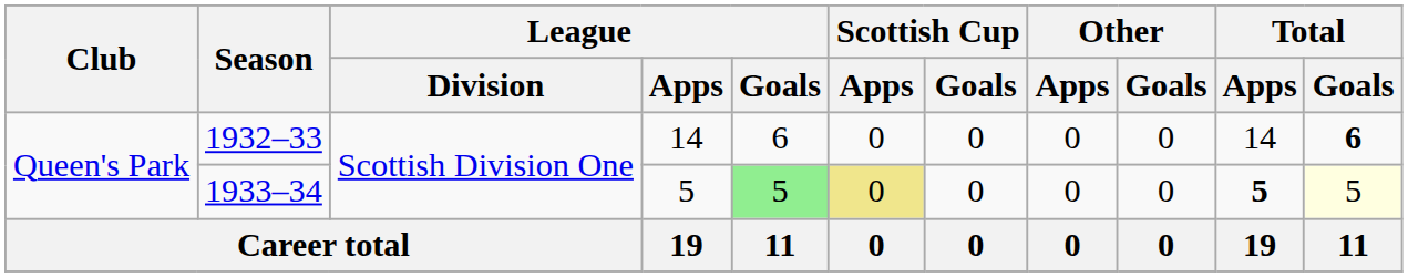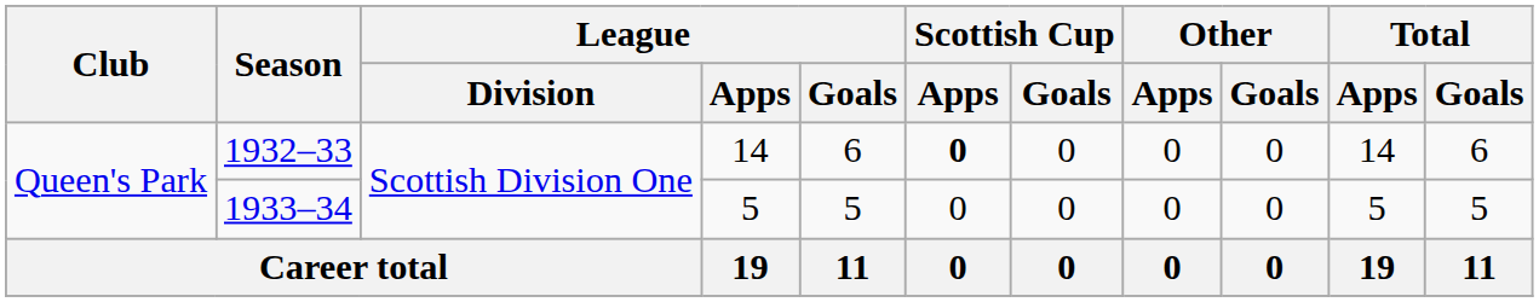 <table class="wikitable" style="text-align: center">
 <tr>
 <th rowspan="2">Club</th>
 <th rowspan="2">Season</th>
 <th colspan="3">League</th>
 <th colspan="2">Scottish Cup</th>
 <th colspan="2">Other</th>
 <th colspan="2">Total</th>
 </tr>
 <tr>
 <th>Division</th>
 <th>Apps</th>
 <th>Goals</th>
 <th>Apps</th>
 <th>Goals</th>
 <th>Apps</th>
 <th>Goals</th>
 <th>Apps</th>
 <th>Goals</th>
 </tr>
 <tr>
 <td rowspan="2"><a href='#'>Queen's Park</a></td>
 <td><a href='#'>1932–33</a></td>
 <td rowspan="2"><a href='#'>Scottish Division One</a></td>
 <td>14</td>
 <td>6</td>
+<td><strong>0</strong></td>
+<td>0</td>
+<td>0</td>
+<td>0</td>
+<td>14</td>
+<td>6</td>
+</tr>
+<tr>
+<td><a href='#'>1933–34</a></td>
+<td>5</td>
+<td>5</td>
 <td>0</td>
 <td>0</td>
 <td>0</td>
 <td>0</td>
-<td>14</td>
-<td><strong>6</strong></td>
-</tr>
-<tr>
-<td><a href='#'>1933–34</a></td>
 <td>5</td>
-<td style="background: lightgreen;">5</td>
-<td style="background: khaki;">0</td>
-<td>0</td>
-<td>0</td>
-<td>0</td>
-<td><strong>5</strong></td>
-<td style="background: lightyellow;">5</td>
+<td>5</td>
 </tr>
 <tr>
 <th colspan="3">Career total</th>
 <th>19</th>
 <th>11</th>
 <th>0</th>
 <th>0</th>
 <th>0</th>
 <th>0</th>
 <th>19</th>
 <th>11</th>
 </tr>
 </table>
